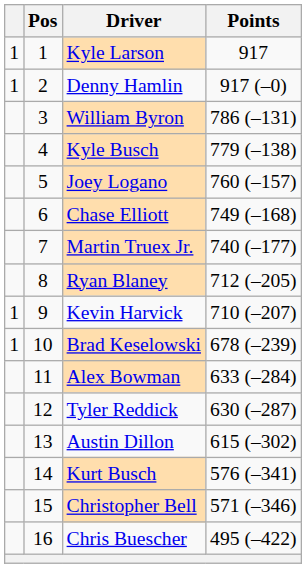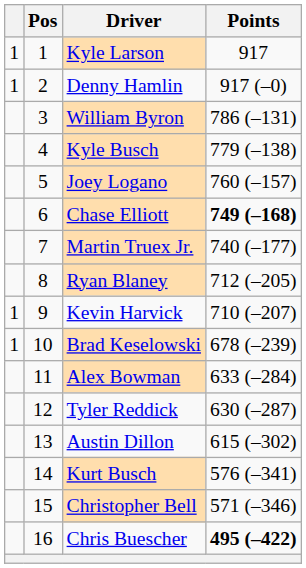 <table class="wikitable" style="font-size: 95%">
 <tr>
 <th></th>
 <th>Pos</th>
 <th>Driver</th>
 <th>Points</th>
 </tr>
 <tr>
 <td align="left"> 1</td>
 <td style="text-align:center;">1</td>
 <td style="background:#FFDEAD;"><a href='#'>Kyle Larson</a></td>
 <td style="text-align:center;">917</td>
 </tr>
 <tr>
 <td align="left"> 1</td>
 <td style="text-align:center;">2</td>
 <td><a href='#'>Denny Hamlin</a></td>
 <td style="text-align:center;">917 (–0)</td>
 </tr>
 <tr>
 <td align="left"></td>
 <td style="text-align:center;">3</td>
 <td style="background:#FFDEAD;"><a href='#'>William Byron</a></td>
 <td style="text-align:center;">786 (–131)</td>
 </tr>
 <tr>
 <td align="left"></td>
 <td style="text-align:center;">4</td>
 <td style="background:#FFDEAD;"><a href='#'>Kyle Busch</a></td>
 <td style="text-align:center;">779 (–138)</td>
 </tr>
 <tr>
 <td align="left"></td>
 <td style="text-align:center;">5</td>
 <td style="background:#FFDEAD;"><a href='#'>Joey Logano</a></td>
 <td style="text-align:center;">760 (–157)</td>
 </tr>
 <tr>
 <td align="left"></td>
 <td style="text-align:center;">6</td>
 <td style="background:#FFDEAD;"><a href='#'>Chase Elliott</a></td>
-<td style="text-align:center;">749 (–168)</td>
+<td style="text-align:center;"><strong>749 (–168)</strong></td>
 </tr>
 <tr>
 <td align="left"></td>
 <td style="text-align:center;">7</td>
 <td style="background:#FFDEAD;"><a href='#'>Martin Truex Jr.</a></td>
 <td style="text-align:center;">740 (–177)</td>
 </tr>
 <tr>
 <td align="left"></td>
 <td style="text-align:center;">8</td>
 <td style="background:#FFDEAD;"><a href='#'>Ryan Blaney</a></td>
 <td style="text-align:center;">712 (–205)</td>
 </tr>
 <tr>
 <td align="left"> 1</td>
 <td style="text-align:center;">9</td>
 <td><a href='#'>Kevin Harvick</a></td>
 <td style="text-align:center;">710 (–207)</td>
 </tr>
 <tr>
 <td align="left"> 1</td>
 <td style="text-align:center;">10</td>
 <td style="background:#FFDEAD;"><a href='#'>Brad Keselowski</a></td>
 <td style="text-align:center;">678 (–239)</td>
 </tr>
 <tr>
 <td align="left"></td>
 <td style="text-align:center;">11</td>
 <td style="background:#FFDEAD;"><a href='#'>Alex Bowman</a></td>
 <td style="text-align:center;">633 (–284)</td>
 </tr>
 <tr>
 <td align="left"></td>
 <td style="text-align:center;">12</td>
 <td><a href='#'>Tyler Reddick</a></td>
 <td style="text-align:center;">630 (–287)</td>
 </tr>
 <tr>
 <td align="left"></td>
 <td style="text-align:center;">13</td>
 <td><a href='#'>Austin Dillon</a></td>
 <td style="text-align:center;">615 (–302)</td>
 </tr>
 <tr>
 <td align="left"></td>
 <td style="text-align:center;">14</td>
 <td style="background:#FFDEAD;"><a href='#'>Kurt Busch</a></td>
 <td style="text-align:center;">576 (–341)</td>
 </tr>
 <tr>
 <td align="left"></td>
 <td style="text-align:center;">15</td>
 <td style="background:#FFDEAD;"><a href='#'>Christopher Bell</a></td>
 <td style="text-align:center;">571 (–346)</td>
 </tr>
 <tr>
 <td align="left"></td>
 <td style="text-align:center;">16</td>
 <td><a href='#'>Chris Buescher</a></td>
-<td style="text-align:center;">495 (–422)</td>
+<td style="text-align:center;"><strong>495 (–422)</strong></td>
 </tr>
 <tr class="sortbottom">
 <th colspan="9"></th>
 </tr>
 </table>
